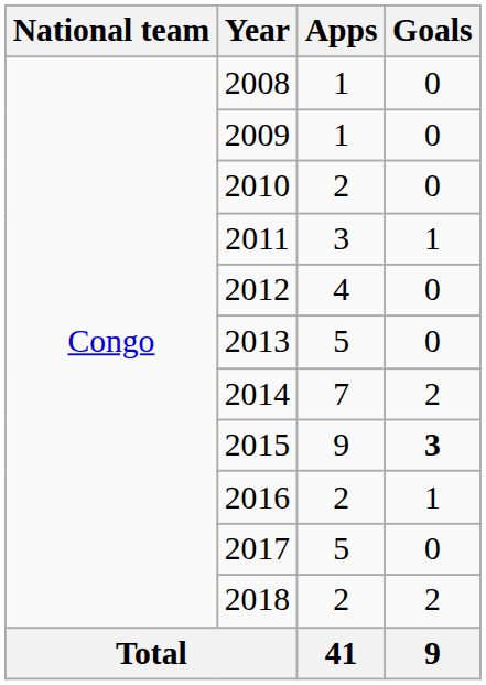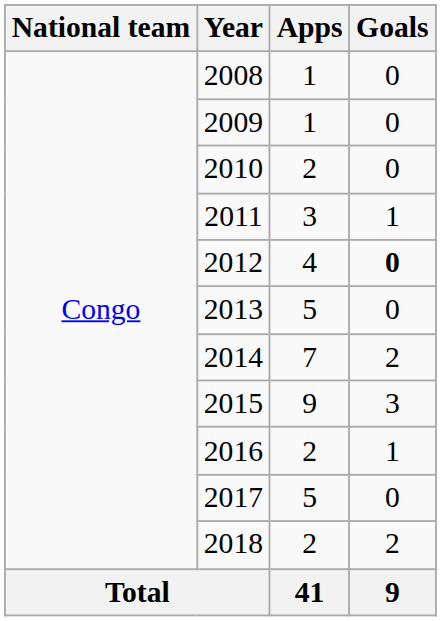 <table class=wikitable style="text-align: center">
 <tr>
 <th>National team</th>
 <th>Year</th>
 <th>Apps</th>
 <th>Goals</th>
 </tr>
 <tr>
 <td rowspan=11><a href='#'>Congo</a></td>
 <td>2008</td>
 <td>1</td>
 <td>0</td>
 </tr>
 <tr>
 <td>2009</td>
 <td>1</td>
 <td>0</td>
 </tr>
 <tr>
 <td>2010</td>
 <td>2</td>
 <td>0</td>
 </tr>
 <tr>
 <td>2011</td>
 <td>3</td>
 <td>1</td>
 </tr>
 <tr>
 <td>2012</td>
 <td>4</td>
-<td>0</td>
+<td><strong>0</strong></td>
 </tr>
 <tr>
 <td>2013</td>
 <td>5</td>
 <td>0</td>
 </tr>
 <tr>
 <td>2014</td>
 <td>7</td>
 <td>2</td>
 </tr>
 <tr>
 <td>2015</td>
 <td>9</td>
-<td><strong>3</strong></td>
+<td>3</td>
 </tr>
 <tr>
 <td>2016</td>
 <td>2</td>
 <td>1</td>
 </tr>
 <tr>
 <td>2017</td>
 <td>5</td>
 <td>0</td>
 </tr>
 <tr>
 <td>2018</td>
 <td>2</td>
 <td>2</td>
 </tr>
 <tr>
 <th colspan=2>Total</th>
 <th>41</th>
 <th>9</th>
 </tr>
 </table>
